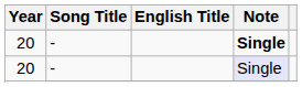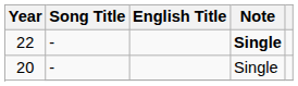 <table class="wikitable plainrowheaders sortable">
 <tr>
 <th scope="col">Year</th>
 <th scope="col">Song Title</th>
 <th scope="col">English Title</th>
 <th scope="col">Note</th>
 <th></th>
 </tr>
 <tr>
-<td rowspan="1" style="text-align: center;">20</td>
+<td rowspan="1" style="text-align: center;">22</td>
 <td>-</td>
 <td></td>
 <td><strong>Single</strong></td>
 <td></td>
 </tr>
 <tr>
 <td rowspan="2" style="text-align: center;">20</td>
 <td>-</td>
 <td></td>
-<td style="background: lavender;">Single</td>
+<td>Single</td>
 <td></td>
 </tr>
 <tr>
 </tr>
 </table>
